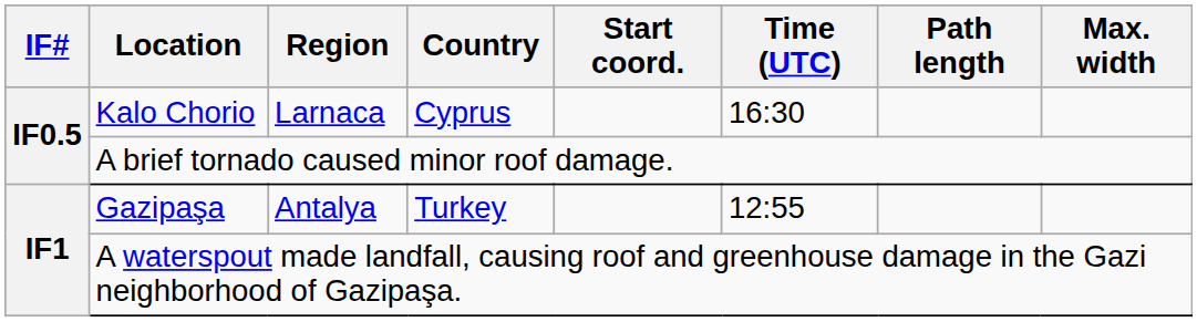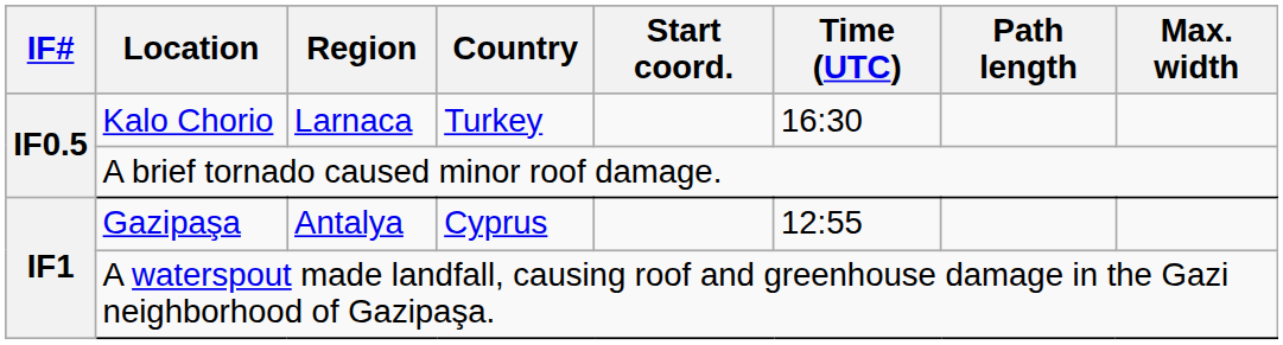 <table class="wikitable sortable" style="width:100%;">
 <tr>
 <th scope="col" width="2%" align="center"><a href='#'>IF#</a></th>
 <th scope="col" align="center" class="unsortable">Location</th>
 <th scope="col" align="center" class="unsortable">Region</th>
 <th scope="col" align="center">Country</th>
 <th scope="col" align="center">Start coord.</th>
 <th scope="col" align="center">Time (<a href='#'>UTC</a>)</th>
 <th scope="col" align="center">Path length</th>
 <th scope="col" align="center">Max. width</th>
 </tr>
 <tr>
 <th scope="row" rowspan="2" style="background-color:#">IF0.5</th>
 <td><a href='#'>Kalo Chorio</a></td>
 <td><a href='#'>Larnaca</a></td>
-<td><a href='#'>Cyprus</a></td>
+<td><a href='#'>Turkey</a></td>
 <td></td>
 <td>16:30</td>
 <td></td>
 <td></td>
 </tr>
 <tr class="expand-child">
 <td colspan="8" style=" border-bottom: 1px solid black;">A brief tornado caused minor roof damage.</td>
 </tr>
 <tr>
 <th scope="row" rowspan="2" style="background-color:#">IF1</th>
 <td><a href='#'>Gazipaşa</a></td>
 <td><a href='#'>Antalya</a></td>
-<td><a href='#'>Turkey</a></td>
+<td><a href='#'>Cyprus</a></td>
 <td></td>
 <td>12:55</td>
 <td></td>
 <td></td>
 </tr>
 <tr class="expand-child">
 <td colspan="8" style=" border-bottom: 1px solid black;">A <a href='#'>waterspout</a> made landfall, causing roof and greenhouse damage in the Gazi neighborhood of Gazipaşa.</td>
 </tr>
 </table>
